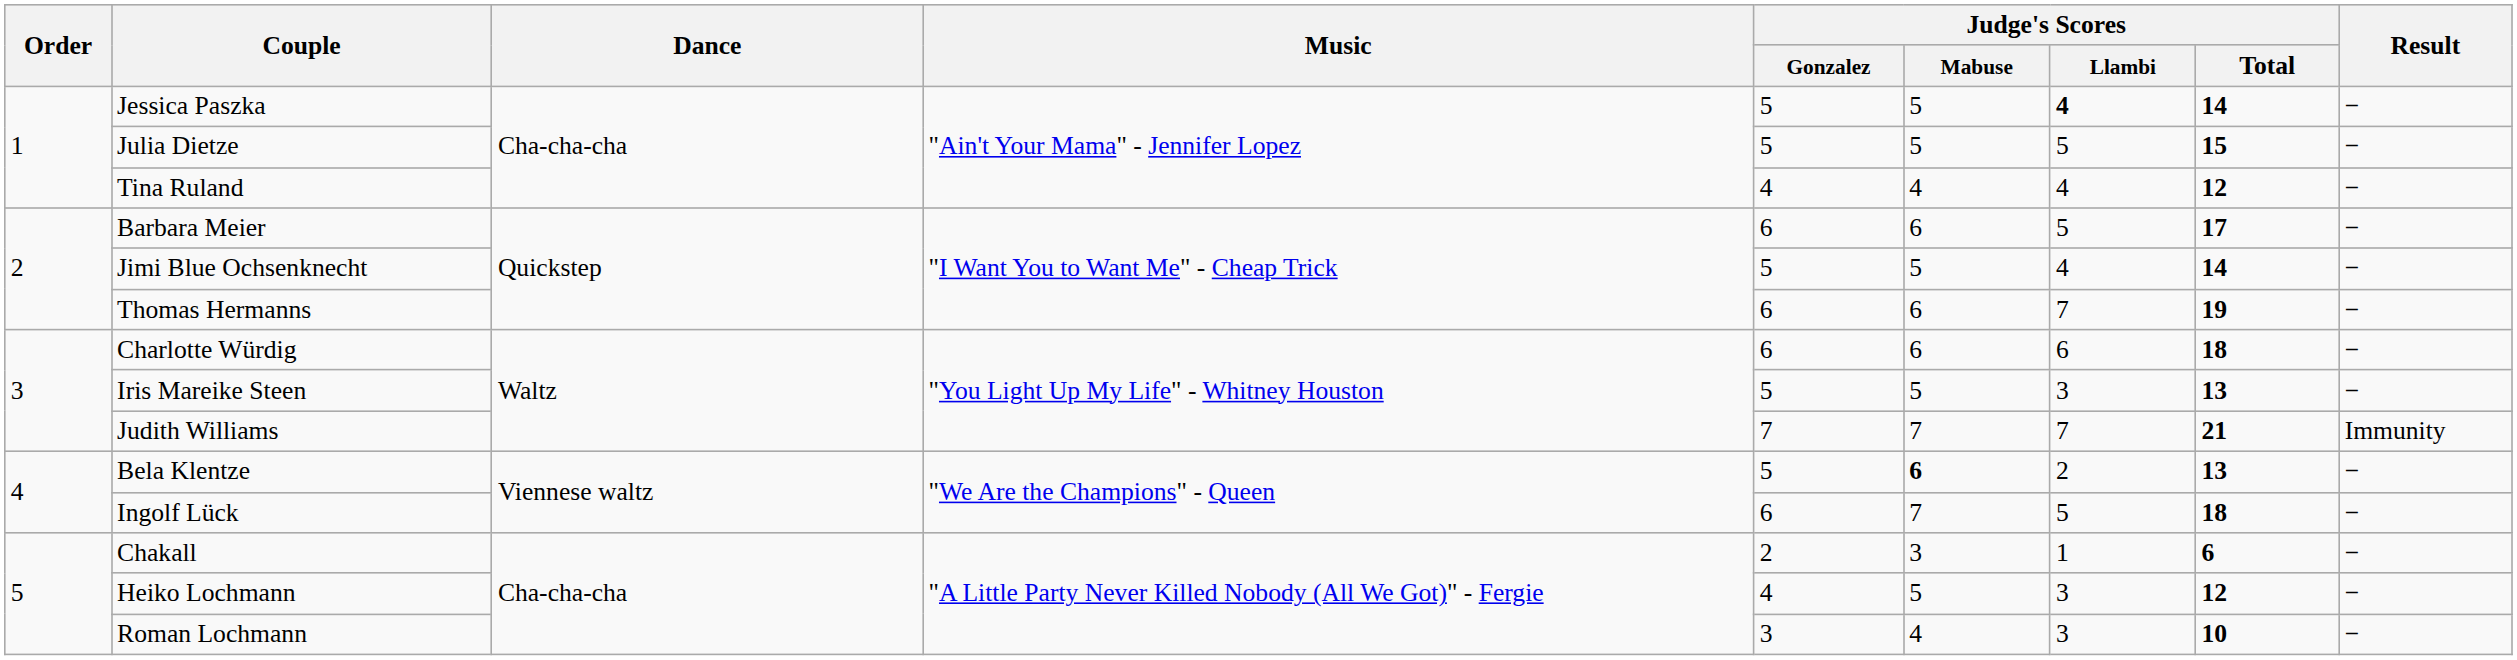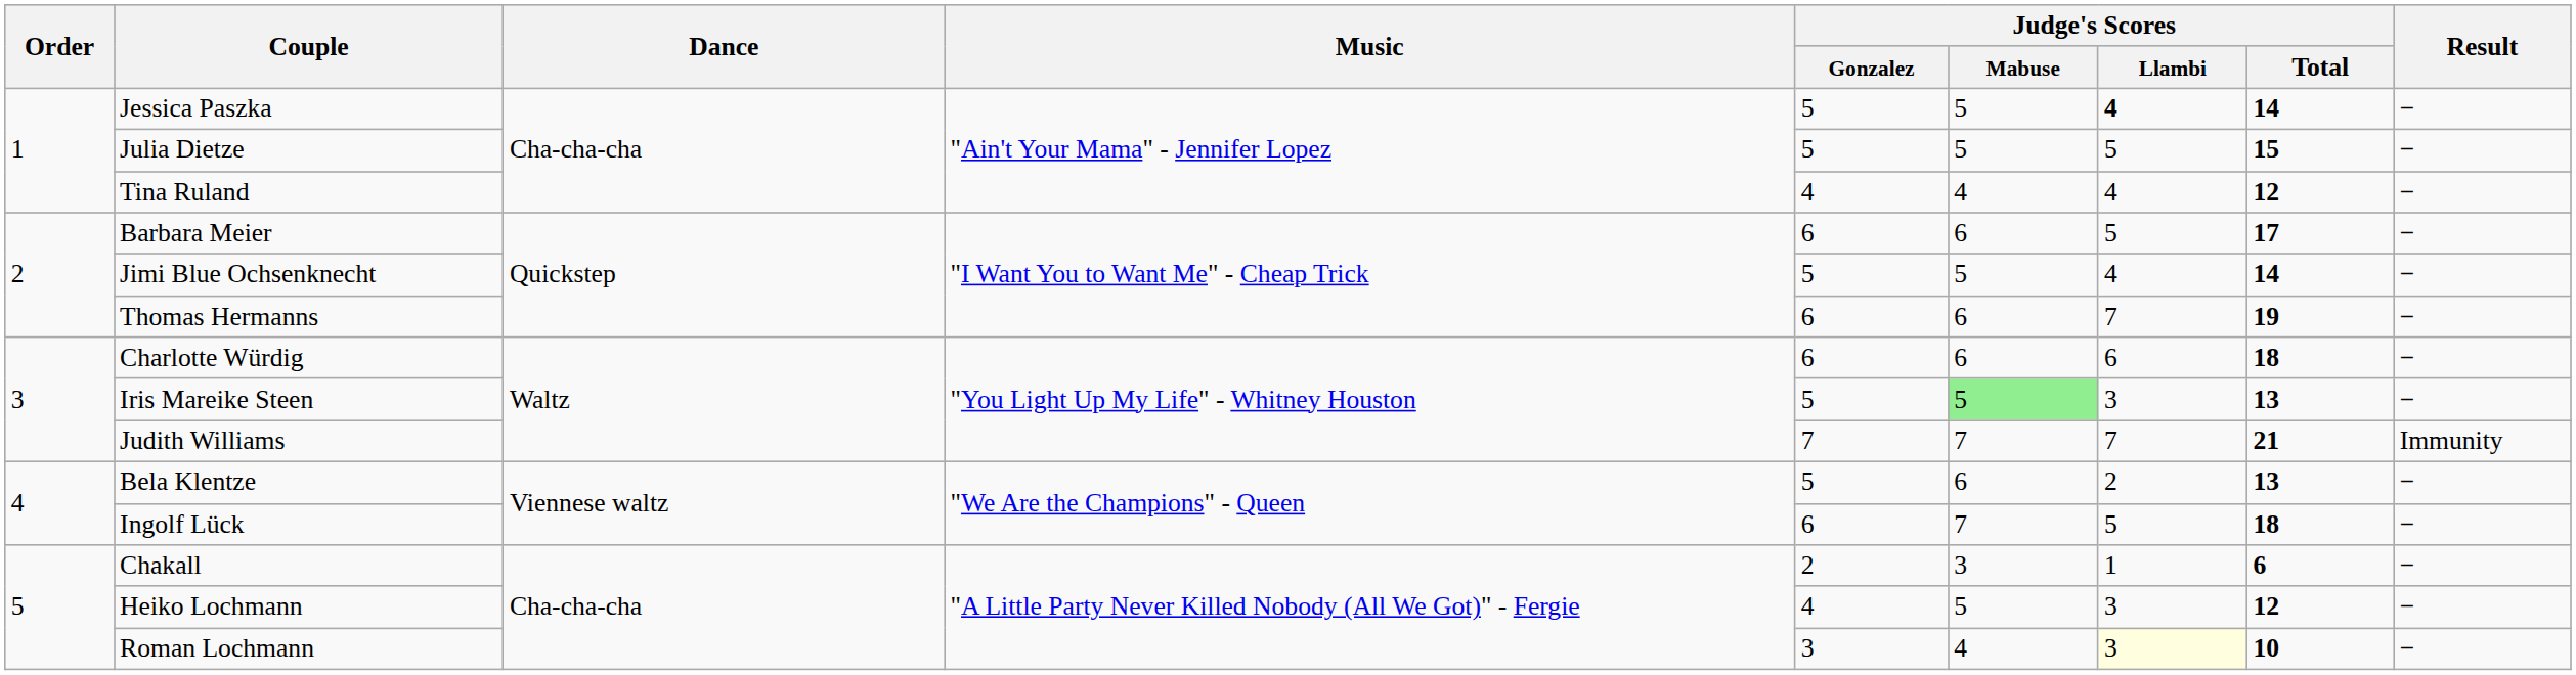 <table class="wikitable sortable center">
 <tr>
 <th rowspan="2" style="width: 4em">Order</th>
 <th rowspan="2" style="width: 17em">Couple</th>
 <th rowspan="2" style="width: 20em">Dance</th>
 <th rowspan="2" style="width: 40em">Music</th>
 <th colspan="4">Judge's Scores</th>
 <th rowspan="2" style="width: 7em">Result</th>
 </tr>
 <tr>
 <th style="width: 6em"><small> Gonzalez</small></th>
 <th style="width: 6em"><small> Mabuse</small></th>
 <th style="width: 6em"><small> Llambi</small></th>
 <th style="width: 6em">Total</th>
 </tr>
 <tr>
 <td rowspan=3>1</td>
 <td>Jessica Paszka</td>
 <td rowspan=3>Cha-cha-cha</td>
 <td rowspan=3>"<a href='#'>Ain't Your Mama</a>" - <a href='#'>Jennifer Lopez</a></td>
 <td>5</td>
 <td>5</td>
 <td><strong>4</strong></td>
 <td><strong>14</strong></td>
 <td>−</td>
 </tr>
 <tr>
 <td>Julia Dietze</td>
 <td>5</td>
 <td>5</td>
 <td>5</td>
 <td><strong>15</strong></td>
 <td>−</td>
 </tr>
 <tr>
 <td>Tina Ruland</td>
 <td>4</td>
 <td>4</td>
 <td>4</td>
 <td><strong>12</strong></td>
 <td>−</td>
 </tr>
 <tr>
 <td rowspan=3>2</td>
 <td>Barbara Meier</td>
 <td rowspan=3>Quickstep</td>
 <td rowspan=3>"<a href='#'>I Want You to Want Me</a>" - <a href='#'>Cheap Trick</a></td>
 <td>6</td>
 <td>6</td>
 <td>5</td>
 <td><strong>17</strong></td>
 <td>−</td>
 </tr>
 <tr>
 <td>Jimi Blue Ochsenknecht</td>
 <td>5</td>
 <td>5</td>
 <td>4</td>
 <td><strong>14</strong></td>
 <td>−</td>
 </tr>
 <tr>
 <td>Thomas Hermanns</td>
 <td>6</td>
 <td>6</td>
 <td>7</td>
 <td><strong>19</strong></td>
 <td>−</td>
 </tr>
 <tr>
 <td rowspan=3>3</td>
 <td>Charlotte Würdig</td>
 <td rowspan=3>Waltz</td>
 <td rowspan=3>"<a href='#'>You Light Up My Life</a>" - <a href='#'>Whitney Houston</a></td>
 <td>6</td>
 <td>6</td>
 <td>6</td>
 <td><strong>18</strong></td>
 <td>−</td>
 </tr>
 <tr>
 <td>Iris Mareike Steen</td>
 <td>5</td>
-<td>5</td>
+<td style="background: lightgreen;">5</td>
 <td>3</td>
 <td><strong>13</strong></td>
 <td>−</td>
 </tr>
 <tr>
 <td>Judith Williams</td>
 <td>7</td>
 <td>7</td>
 <td>7</td>
 <td><strong>21</strong></td>
 <td>Immunity</td>
 </tr>
 <tr>
 <td rowspan=2>4</td>
 <td>Bela Klentze</td>
 <td rowspan=2>Viennese waltz</td>
 <td rowspan=2>"<a href='#'>We Are the Champions</a>" - <a href='#'>Queen</a></td>
 <td>5</td>
-<td><strong>6</strong></td>
+<td>6</td>
 <td>2</td>
 <td><strong>13</strong></td>
 <td>−</td>
 </tr>
 <tr>
 <td>Ingolf Lück</td>
 <td>6</td>
 <td>7</td>
 <td>5</td>
 <td><strong>18</strong></td>
 <td>−</td>
 </tr>
 <tr>
 <td rowspan=3>5</td>
 <td>Chakall</td>
 <td rowspan=3>Cha-cha-cha</td>
 <td rowspan=3>"<a href='#'>A Little Party Never Killed Nobody (All We Got)</a>" - <a href='#'>Fergie</a></td>
 <td>2</td>
 <td>3</td>
 <td>1</td>
 <td><strong>6</strong></td>
 <td>−</td>
 </tr>
 <tr>
 <td>Heiko Lochmann</td>
 <td>4</td>
 <td>5</td>
 <td>3</td>
 <td><strong>12</strong></td>
 <td>−</td>
 </tr>
 <tr>
 <td>Roman Lochmann</td>
 <td>3</td>
 <td>4</td>
-<td>3</td>
+<td style="background: lightyellow;">3</td>
 <td><strong>10</strong></td>
 <td>−</td>
 </tr>
 </table>
